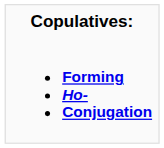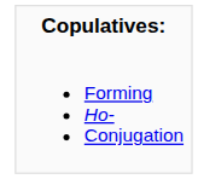 <table style = "margin-left: 1em; border: 1px solid #e0e0e0; background-color: #fafafa; padding: 2px; float: right; clear: right; font-size: 85%">
 <tr>
 <td style = "text-align: center"><strong>Copulatives:</strong></td>
 </tr>
 <tr>
-<td style = "font-size: 90%"><strong><br><ul><li><a href='#'>Forming</a></li><li><em><a href='#'>Ho-</a></em> </li><li><a href='#'>Conjugation</a></li></ul></strong></td>
+<td style = "font-size: 90%"><br><ul><li><a href='#'>Forming</a></li><li><em><a href='#'>Ho-</a></em> </li><li><a href='#'>Conjugation</a></li></ul></td>
 </tr>
 </table>
